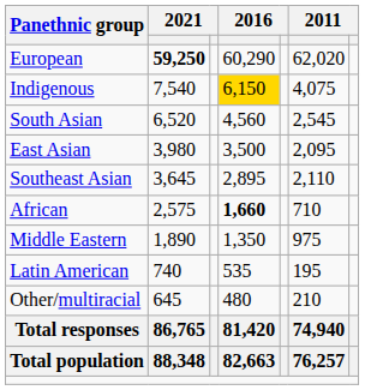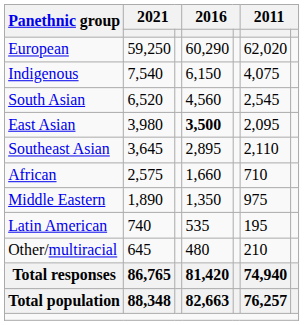 <table class="wikitable collapsible sortable">
 <tr>
 <th rowspan="2"><a href='#'>Panethnic</a> group</th>
 <th colspan="2">2021</th>
 <th colspan="2">2016</th>
 <th colspan="2">2011</th>
 </tr>
 <tr>
 <th><a href='#'></a></th>
 <th></th>
 <th></th>
 <th></th>
 <th></th>
 <th></th>
 </tr>
 <tr>
 <td><a href='#'>European</a></td>
-<td><strong>59,250</strong></td>
+<td>59,250</td>
 <td></td>
 <td>60,290</td>
 <td></td>
 <td>62,020</td>
 <td></td>
 </tr>
 <tr>
 <td><a href='#'>Indigenous</a></td>
 <td>7,540</td>
 <td></td>
-<td style="background: gold;">6,150</td>
+<td>6,150</td>
 <td></td>
 <td>4,075</td>
 <td></td>
 </tr>
 <tr>
 <td><a href='#'>South Asian</a></td>
 <td>6,520</td>
 <td></td>
 <td>4,560</td>
 <td></td>
 <td>2,545</td>
 <td></td>
 </tr>
 <tr>
 <td><a href='#'>East Asian</a></td>
 <td>3,980</td>
 <td></td>
-<td>3,500</td>
+<td><strong>3,500</strong></td>
 <td></td>
 <td>2,095</td>
 <td></td>
 </tr>
 <tr>
 <td><a href='#'>Southeast Asian</a></td>
 <td>3,645</td>
 <td></td>
 <td>2,895</td>
 <td></td>
 <td>2,110</td>
 <td></td>
 </tr>
 <tr>
 <td><a href='#'>African</a></td>
 <td>2,575</td>
 <td></td>
-<td><strong>1,660</strong></td>
+<td>1,660</td>
 <td></td>
 <td>710</td>
 <td></td>
 </tr>
 <tr>
 <td><a href='#'>Middle Eastern</a></td>
 <td>1,890</td>
 <td></td>
 <td>1,350</td>
 <td></td>
 <td>975</td>
 <td></td>
 </tr>
 <tr>
 <td><a href='#'>Latin American</a></td>
 <td>740</td>
 <td></td>
 <td>535</td>
 <td></td>
 <td>195</td>
 <td></td>
 </tr>
 <tr>
 <td>Other/<a href='#'>multiracial</a></td>
 <td>645</td>
 <td></td>
 <td>480</td>
 <td></td>
 <td>210</td>
 <td></td>
 </tr>
 <tr>
 <th>Total responses</th>
 <th>86,765</th>
 <th></th>
 <th>81,420</th>
 <th></th>
 <th>74,940</th>
 <th></th>
 </tr>
 <tr class="sortbottom">
 <th>Total population</th>
 <th>88,348</th>
 <th></th>
 <th>82,663</th>
 <th></th>
 <th>76,257</th>
 <th></th>
 </tr>
 <tr class="sortbottom">
 <td colspan="15"></td>
 </tr>
 </table>
